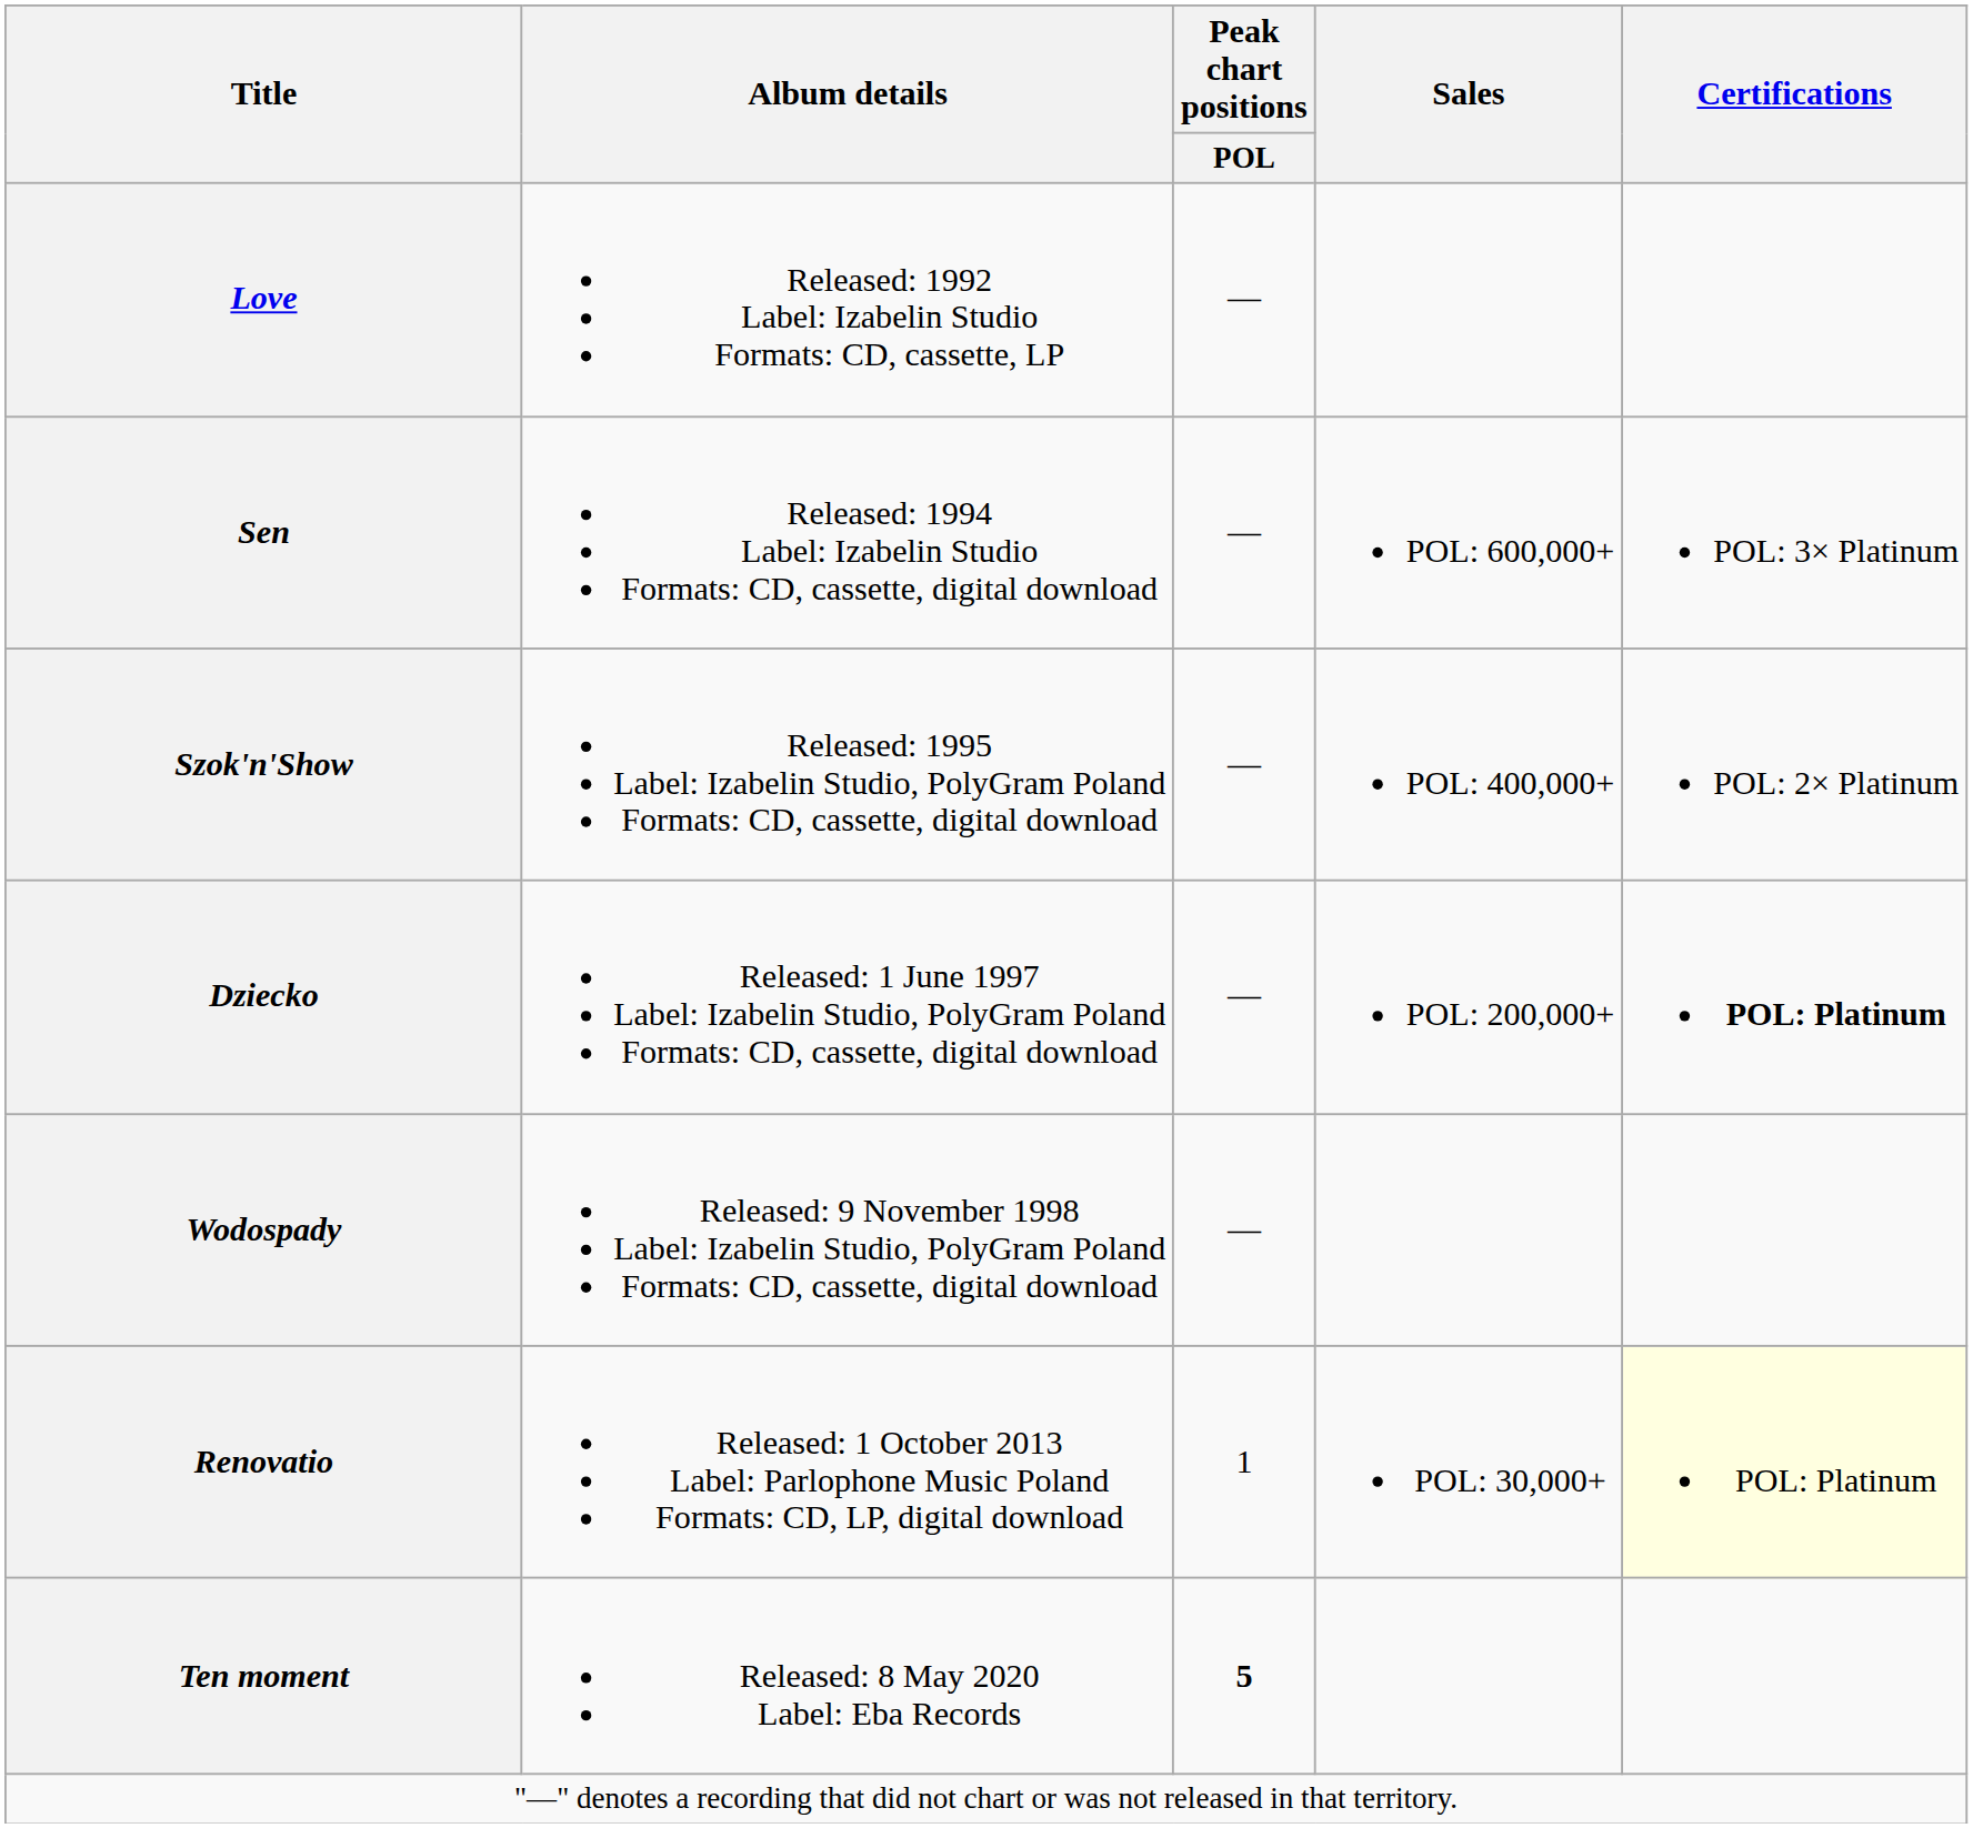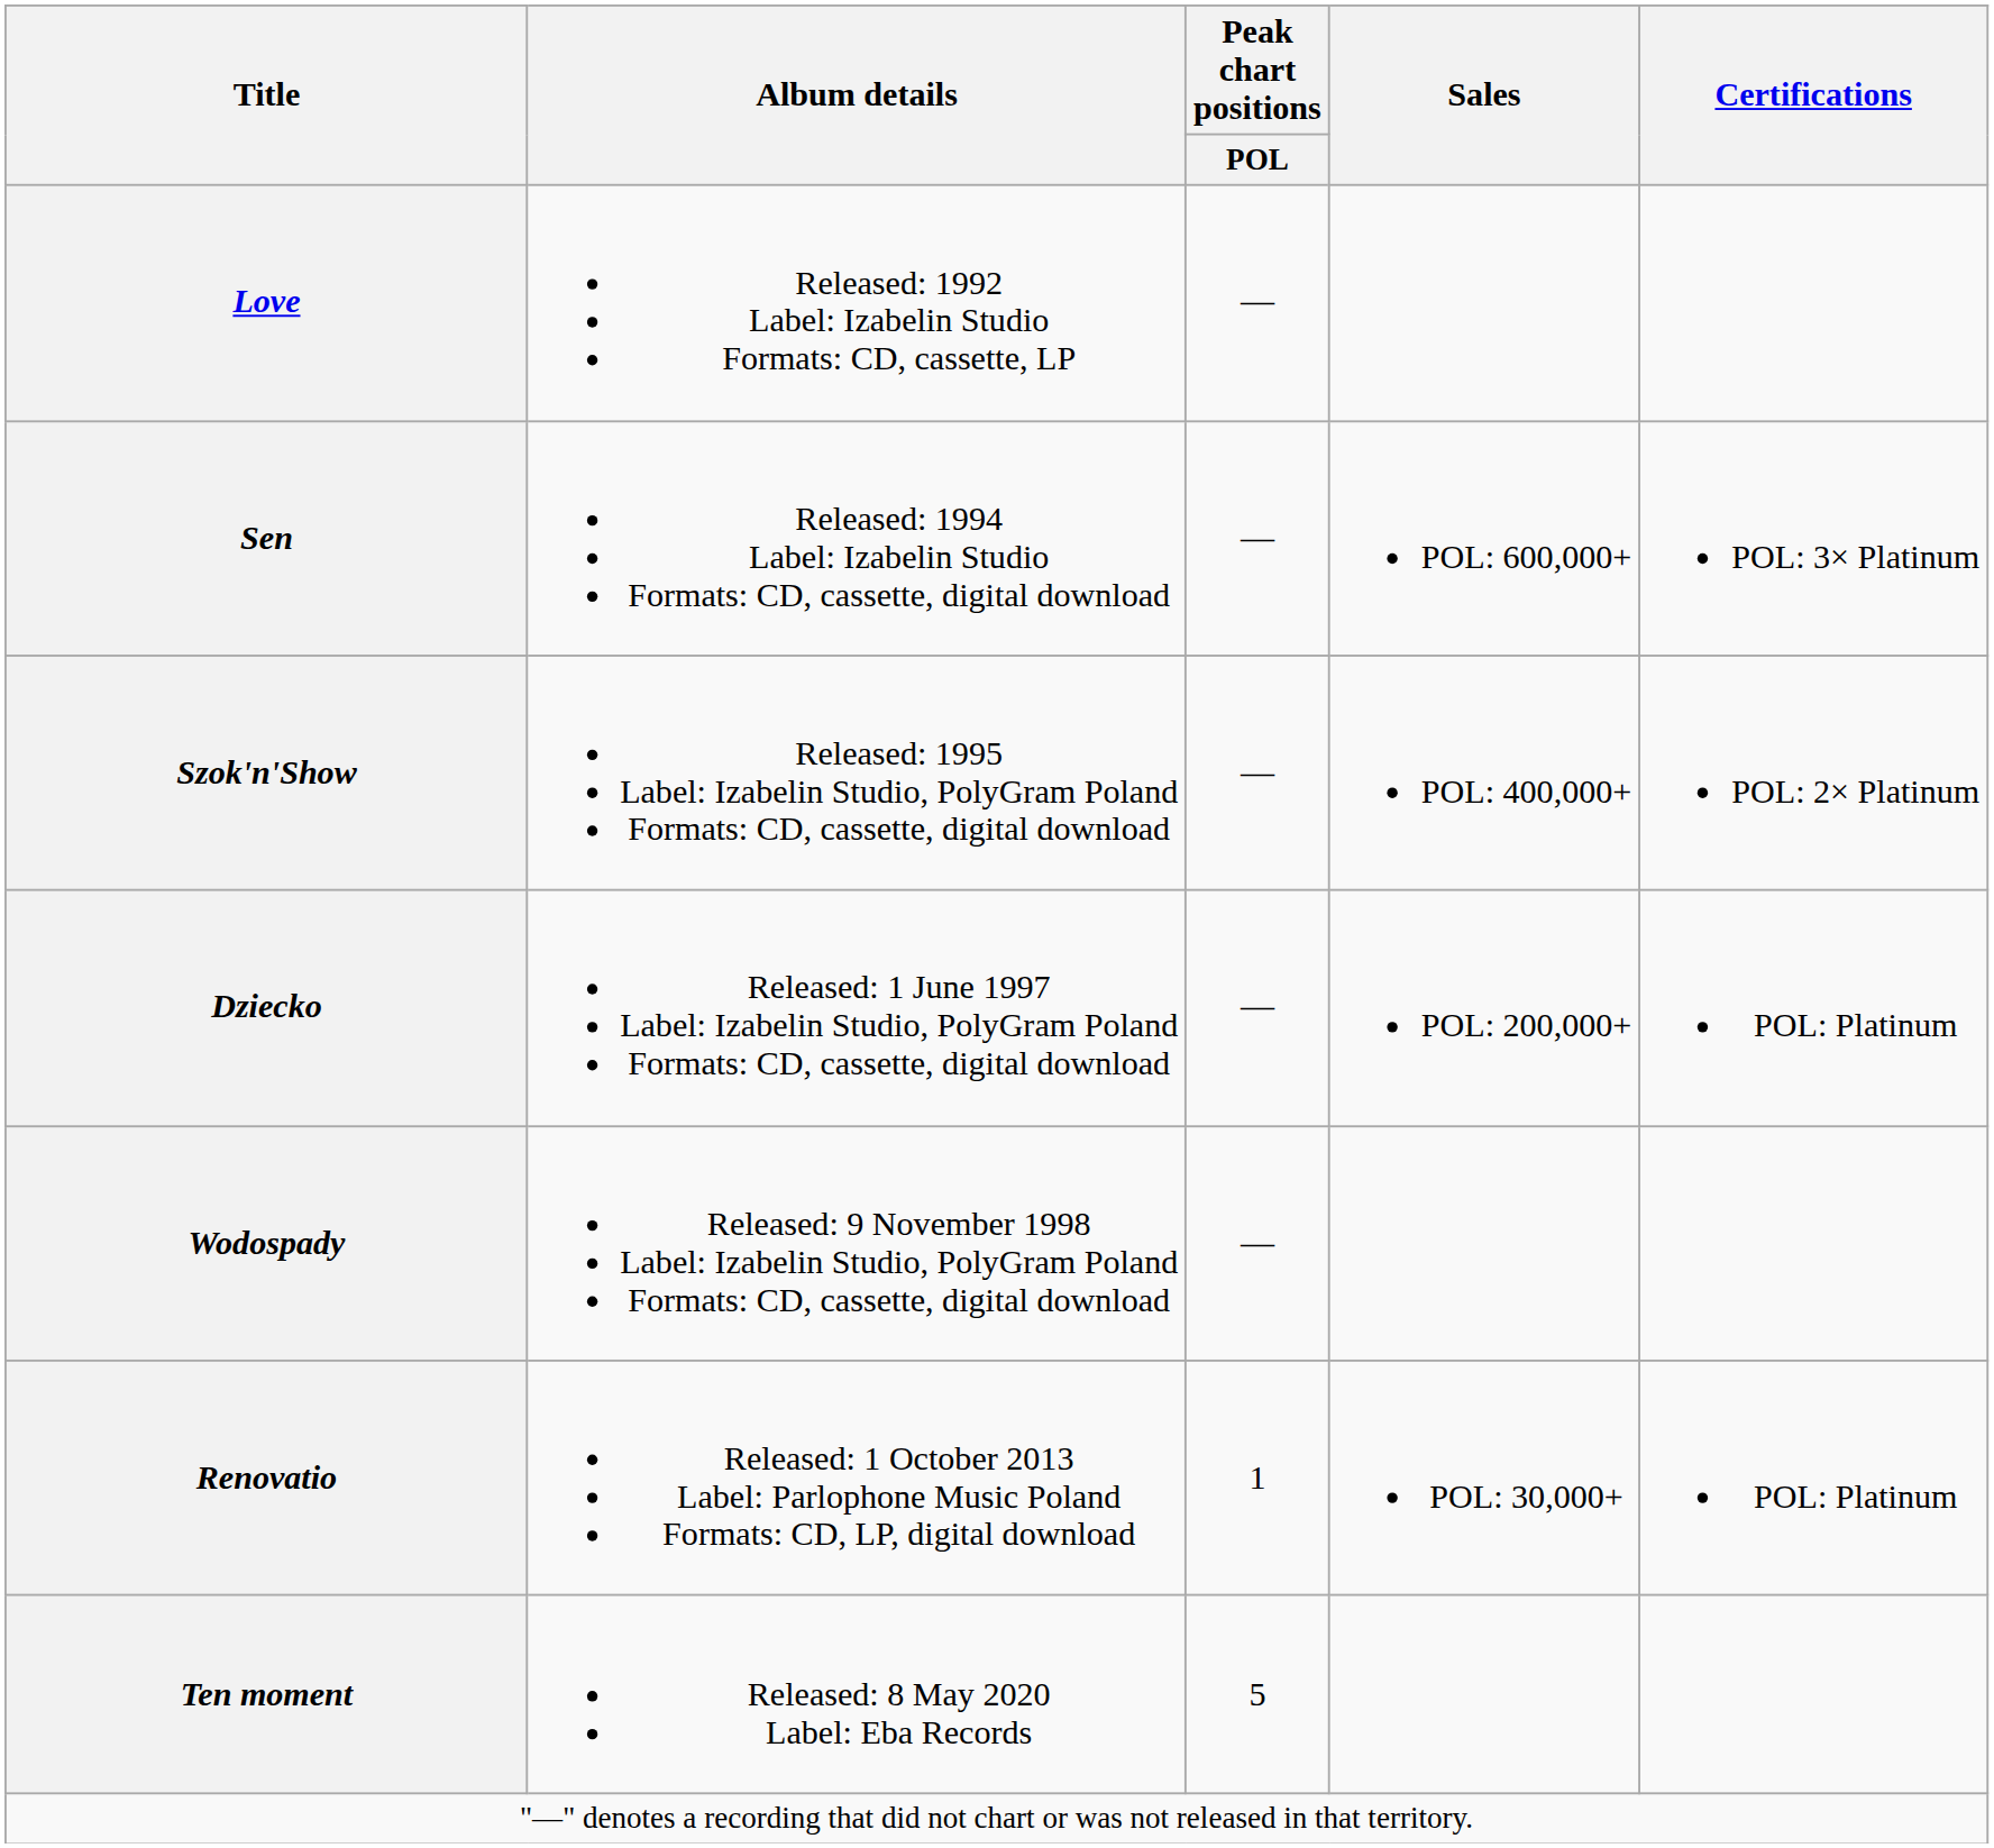 <table class="wikitable plainrowheaders" style="text-align:center;">
 <tr>
 <th scope="col" rowspan="2" style="width:15em;">Title</th>
 <th scope="col" rowspan="2">Album details</th>
 <th scope="col">Peak chart positions</th>
 <th scope="col" rowspan="2">Sales</th>
 <th scope="col" rowspan="2"><a href='#'>Certifications</a></th>
 </tr>
 <tr>
 <th scope="col" style="width:3em;font-size:90%;">POL<br></th>
 </tr>
 <tr>
 <th scope="row"><em><a href='#'>Love</a></em></th>
 <td><br><ul><li>Released: 1992</li><li>Label: Izabelin Studio</li><li>Formats: CD, cassette, LP</li></ul></td>
 <td>—</td>
 <td></td>
 <td></td>
 </tr>
 <tr>
 <th scope="row"><em>Sen</em></th>
 <td><br><ul><li>Released: 1994</li><li>Label: Izabelin Studio</li><li>Formats: CD, cassette, digital download</li></ul></td>
 <td>—</td>
 <td><br><ul><li>POL: 600,000+</li></ul></td>
 <td><br><ul><li>POL: 3× Platinum</li></ul></td>
 </tr>
 <tr>
 <th scope="row"><em>Szok'n'Show</em></th>
 <td><br><ul><li>Released: 1995</li><li>Label: Izabelin Studio, PolyGram Poland</li><li>Formats: CD, cassette, digital download</li></ul></td>
 <td>—</td>
 <td><br><ul><li>POL: 400,000+</li></ul></td>
 <td><br><ul><li>POL: 2× Platinum</li></ul></td>
 </tr>
 <tr>
 <th scope="row"><em>Dziecko</em></th>
 <td><br><ul><li>Released: 1 June 1997</li><li>Label: Izabelin Studio, PolyGram Poland</li><li>Formats: CD, cassette, digital download</li></ul></td>
 <td>—</td>
 <td><br><ul><li>POL: 200,000+</li></ul></td>
-<td><strong><br><ul><li>POL: Platinum</li></ul></strong></td>
+<td><br><ul><li>POL: Platinum</li></ul></td>
 </tr>
 <tr>
 <th scope="row"><em>Wodospady</em></th>
 <td><br><ul><li>Released: 9 November 1998</li><li>Label: Izabelin Studio, PolyGram Poland</li><li>Formats: CD, cassette, digital download</li></ul></td>
 <td>—</td>
 <td></td>
 <td></td>
 </tr>
 <tr>
 <th scope="row"><em>Renovatio</em></th>
 <td><br><ul><li>Released: 1 October 2013</li><li>Label: Parlophone Music Poland</li><li>Formats: CD, LP, digital download</li></ul></td>
 <td>1</td>
 <td><br><ul><li>POL: 30,000+</li></ul></td>
-<td style="background: lightyellow;"><br><ul><li>POL: Platinum</li></ul></td>
+<td><br><ul><li>POL: Platinum</li></ul></td>
 </tr>
 <tr>
 <th scope="row"><em>Ten moment</em></th>
 <td><br><ul><li>Released: 8 May 2020</li><li>Label: Eba Records</li></ul></td>
-<td><strong>5</strong></td>
+<td>5</td>
 <td></td>
 <td></td>
 </tr>
 <tr>
 <td colspan="20" style="font-size:90%">"—" denotes a recording that did not chart or was not released in that territory.</td>
 </tr>
 </table>
